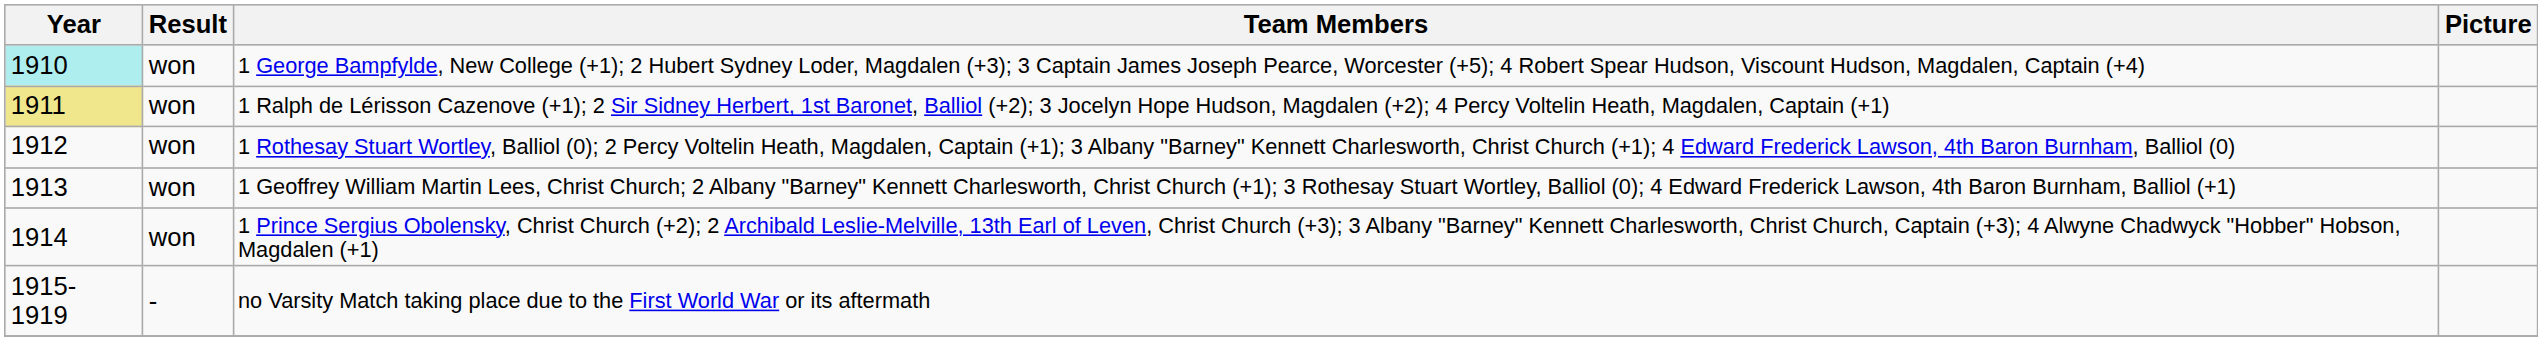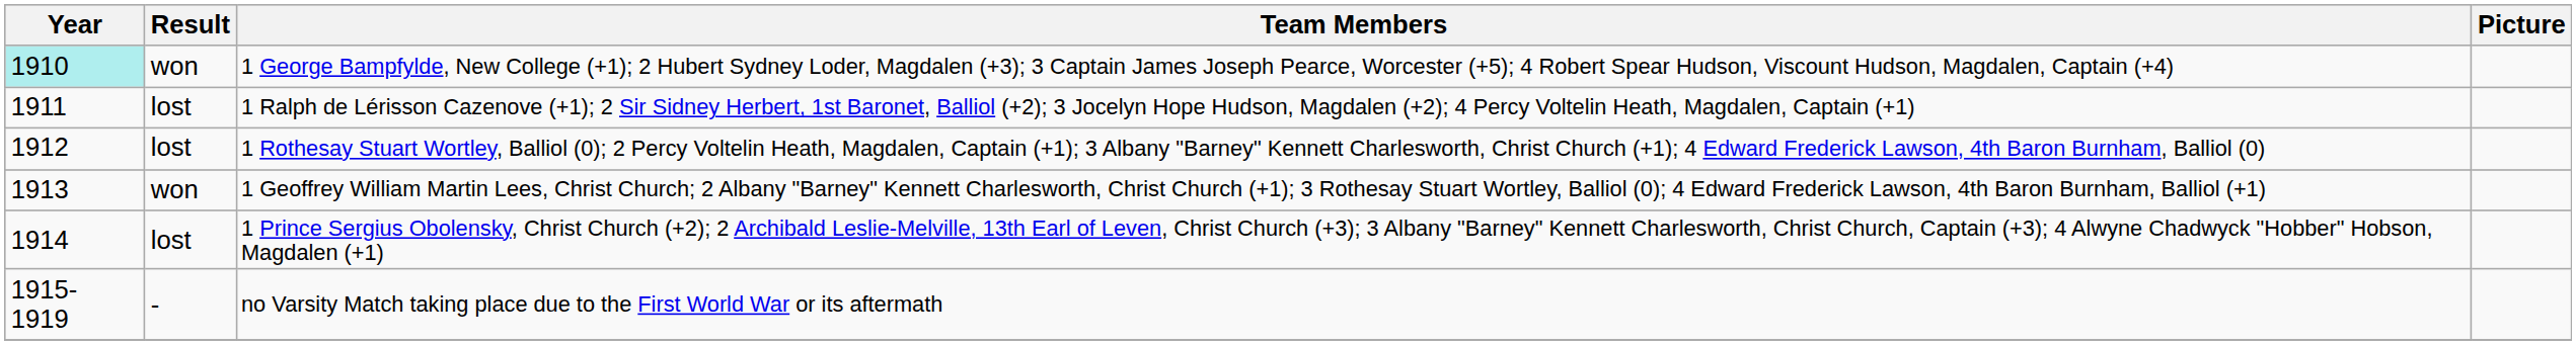 <table class="wikitable" width="100%">
 <tr>
 <th>Year</th>
 <th>Result</th>
 <th>Team Members</th>
 <th>Picture</th>
 </tr>
 <tr>
 <td style="background: paleturquoise;">1910</td>
 <td>won</td>
 <td style="font-size:85%">1  <a href='#'>George Bampfylde</a>, New College (+1); 2 Hubert Sydney Loder, Magdalen (+3); 3 Captain James Joseph Pearce, Worcester (+5); 4 Robert Spear Hudson, Viscount Hudson, Magdalen, Captain (+4)</td>
 <td><br></td>
 </tr>
 <tr>
-<td style="background: khaki;">1911</td>
-<td>won</td>
+<td>1911</td>
+<td>lost</td>
 <td style="font-size:85%">1 Ralph de Lérisson Cazenove (+1); 2 <a href='#'>Sir Sidney Herbert, 1st Baronet</a>, <a href='#'>Balliol</a> (+2); 3 Jocelyn Hope Hudson, Magdalen (+2); 4 Percy Voltelin Heath, Magdalen, Captain (+1)</td>
 <td></td>
 </tr>
 <tr>
 <td>1912</td>
-<td>won</td>
+<td>lost</td>
 <td style="font-size:85%">1 <a href='#'>Rothesay Stuart Wortley</a>, Balliol (0); 2 Percy Voltelin Heath, Magdalen, Captain (+1); 3 Albany "Barney" Kennett Charlesworth, Christ Church (+1); 4 <a href='#'>Edward Frederick Lawson, 4th Baron Burnham</a>, Balliol (0)</td>
 <td></td>
 </tr>
 <tr>
 <td>1913</td>
 <td>won</td>
 <td style="font-size:85%">1 Geoffrey William Martin Lees, Christ Church; 2 Albany "Barney" Kennett Charlesworth, Christ Church (+1); 3 Rothesay Stuart Wortley, Balliol (0); 4 Edward Frederick Lawson, 4th Baron Burnham, Balliol (+1)</td>
 <td></td>
 </tr>
 <tr>
 <td>1914</td>
-<td>won</td>
+<td>lost</td>
 <td style="font-size:85%">1 <a href='#'>Prince Sergius Obolensky</a>, Christ Church (+2); 2 <a href='#'>Archibald Leslie-Melville, 13th Earl of Leven</a>, Christ Church (+3); 3 Albany "Barney" Kennett Charlesworth, Christ Church, Captain (+3); 4 Alwyne Chadwyck "Hobber" Hobson, Magdalen (+1)</td>
 <td></td>
 </tr>
 <tr>
 <td>1915- 1919</td>
 <td>-</td>
 <td style="font-size:85%">no Varsity Match taking place due to the <a href='#'>First World War</a> or its aftermath</td>
 <td></td>
 </tr>
 <tr>
 </tr>
 </table>
